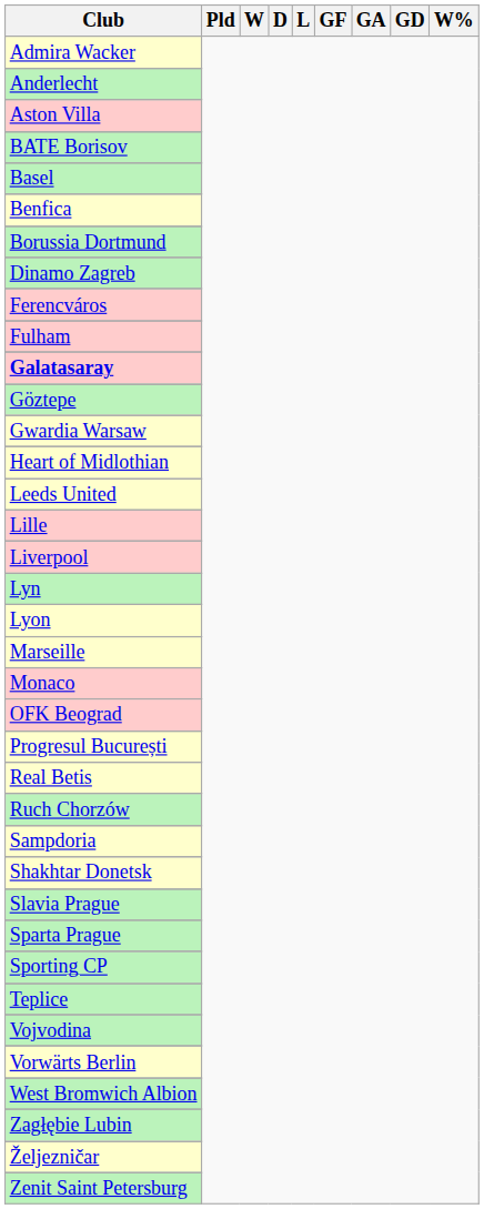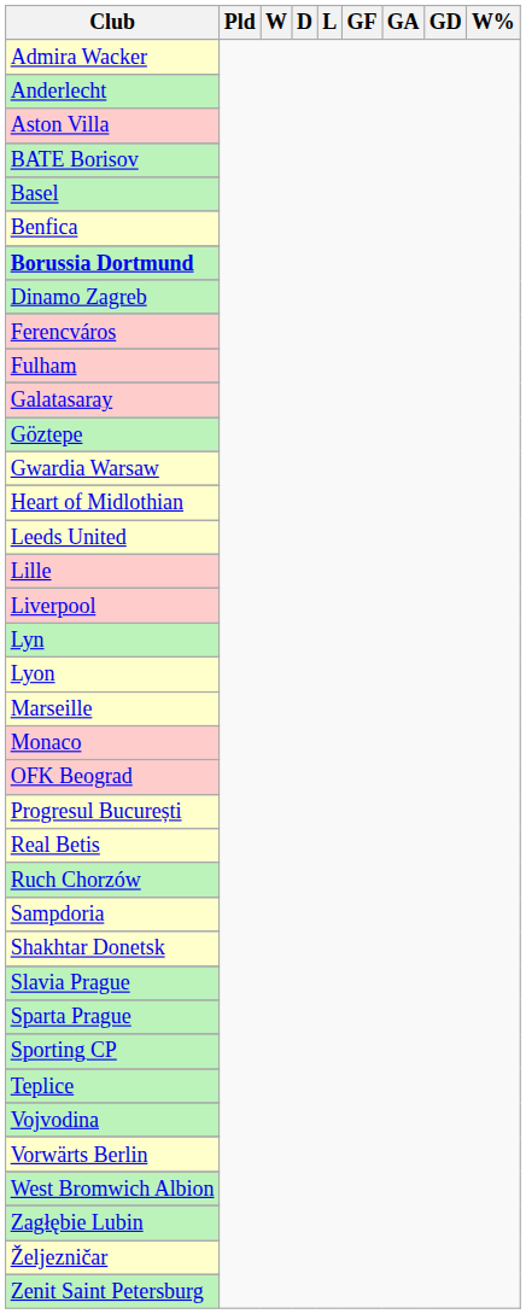 <table class="wikitable sortable" style="text-align: left;">
 <tr>
 <th>Club</th>
 <th>Pld</th>
 <th>W</th>
 <th>D</th>
 <th>L</th>
 <th>GF</th>
 <th>GA</th>
 <th>GD</th>
 <th>W%</th>
 </tr>
 <tr>
 </tr>
 <tr bgcolor= "#ffffcc">
 <td style=align=left> <a href='#'>Admira Wacker</a><br></td>
 </tr>
 <tr>
 </tr>
 <tr bgcolor= "#bbf3bb">
 <td style=align=left> <a href='#'>Anderlecht</a><br></td>
 </tr>
 <tr>
 </tr>
 <tr bgcolor= "#ffcccc">
 <td style=align=left> <a href='#'>Aston Villa</a><br></td>
 </tr>
 <tr>
 </tr>
 <tr bgcolor= "#bbf3bb">
 <td style=align=left> <a href='#'>BATE Borisov</a><br></td>
 </tr>
 <tr>
 </tr>
 <tr bgcolor= "#bbf3bb">
 <td style=align=left> <a href='#'>Basel</a><br></td>
 </tr>
 <tr>
 </tr>
 <tr bgcolor= "#ffffcc">
 <td style=align=left> <a href='#'>Benfica</a><br></td>
 </tr>
 <tr>
 </tr>
 <tr bgcolor= "#bbf3bb">
-<td style=align=left> <a href='#'>Borussia Dortmund</a><br></td>
+<td style=align=left><strong> <a href='#'>Borussia Dortmund</a><br></strong></td>
 </tr>
 <tr>
 </tr>
 <tr bgcolor= "#bbf3bb">
 <td style=align=left> <a href='#'>Dinamo Zagreb</a><br></td>
 </tr>
 <tr>
 </tr>
 <tr bgcolor= "#ffcccc">
 <td style=align=left> <a href='#'>Ferencváros</a><br></td>
 </tr>
 <tr>
 </tr>
 <tr bgcolor= "#ffcccc">
 <td style=align=left> <a href='#'>Fulham</a><br></td>
 </tr>
 <tr>
 </tr>
 <tr bgcolor= "#ffcccc">
-<td style=align=left><strong> <a href='#'>Galatasaray</a><br></strong></td>
+<td style=align=left> <a href='#'>Galatasaray</a><br></td>
 </tr>
 <tr>
 </tr>
 <tr bgcolor= "#bbf3bb">
 <td style=align=left> <a href='#'>Göztepe</a><br></td>
 </tr>
 <tr>
 </tr>
 <tr bgcolor= "#ffffcc">
 <td style=align=left> <a href='#'>Gwardia Warsaw</a><br></td>
 </tr>
 <tr>
 </tr>
 <tr bgcolor= "#ffffcc">
 <td style=align=left> <a href='#'>Heart of Midlothian</a><br></td>
 </tr>
 <tr>
 </tr>
 <tr bgcolor= "#ffffcc">
 <td style=align=left> <a href='#'>Leeds United</a><br></td>
 </tr>
 <tr>
 </tr>
 <tr bgcolor= "#ffcccc">
 <td style=align=left> <a href='#'>Lille</a><br></td>
 </tr>
 <tr>
 </tr>
 <tr bgcolor= "#ffcccc">
 <td style=align=left> <a href='#'>Liverpool</a><br></td>
 </tr>
 <tr>
 </tr>
 <tr bgcolor= "#bbf3bb">
 <td style=align=left> <a href='#'>Lyn</a><br></td>
 </tr>
 <tr>
 </tr>
 <tr bgcolor= "#ffffcc">
 <td style=align=left> <a href='#'>Lyon</a><br></td>
 </tr>
 <tr>
 </tr>
 <tr bgcolor= "#ffffcc">
 <td style=align=left> <a href='#'>Marseille</a><br></td>
 </tr>
 <tr>
 </tr>
 <tr bgcolor= "#ffcccc">
 <td style=align=left> <a href='#'>Monaco</a><br></td>
 </tr>
 <tr>
 </tr>
 <tr bgcolor= "#ffcccc">
 <td style=align=left> <a href='#'>OFK Beograd</a><br></td>
 </tr>
 <tr>
 </tr>
 <tr bgcolor= "#ffffcc">
 <td style=align=left> <a href='#'>Progresul București</a><br></td>
 </tr>
 <tr>
 </tr>
 <tr bgcolor= "#ffffcc">
 <td style=align=left> <a href='#'>Real Betis</a><br></td>
 </tr>
 <tr>
 </tr>
 <tr bgcolor= "#bbf3bb">
 <td style=align=left> <a href='#'>Ruch Chorzów</a><br></td>
 </tr>
 <tr>
 </tr>
 <tr bgcolor= "#ffffcc">
 <td style=align=left> <a href='#'>Sampdoria</a><br></td>
 </tr>
 <tr>
 </tr>
 <tr bgcolor= "#ffffcc">
 <td style=align=left> <a href='#'>Shakhtar Donetsk</a><br></td>
 </tr>
 <tr>
 </tr>
 <tr bgcolor= "#bbf3bb">
 <td style=align=left> <a href='#'>Slavia Prague</a><br></td>
 </tr>
 <tr>
 </tr>
 <tr bgcolor= "#bbf3bb">
 <td style=align=left> <a href='#'>Sparta Prague</a><br></td>
 </tr>
 <tr>
 </tr>
 <tr bgcolor= "#bbf3bb">
 <td style=align=left> <a href='#'>Sporting CP</a><br></td>
 </tr>
 <tr>
 </tr>
 <tr bgcolor= "#bbf3bb">
 <td style=align=left> <a href='#'>Teplice</a><br></td>
 </tr>
 <tr>
 </tr>
 <tr bgcolor= "#bbf3bb">
 <td style=align=left> <a href='#'>Vojvodina</a><br></td>
 </tr>
 <tr>
 </tr>
 <tr bgcolor= "#ffffcc">
 <td style=align=left> <a href='#'>Vorwärts Berlin</a><br></td>
 </tr>
 <tr>
 </tr>
 <tr bgcolor= "#bbf3bb">
 <td style=align=left> <a href='#'>West Bromwich Albion</a><br></td>
 </tr>
 <tr>
 </tr>
 <tr bgcolor= "#bbf3bb">
 <td style=align=left> <a href='#'>Zagłębie Lubin</a><br></td>
 </tr>
 <tr>
 </tr>
 <tr bgcolor= "#ffffcc">
 <td style=align=left> <a href='#'>Željezničar</a><br></td>
 </tr>
 <tr>
 </tr>
 <tr bgcolor= "#bbf3bb">
 <td style=align=left> <a href='#'>Zenit Saint Petersburg</a><br></td>
 </tr>
 </table>
